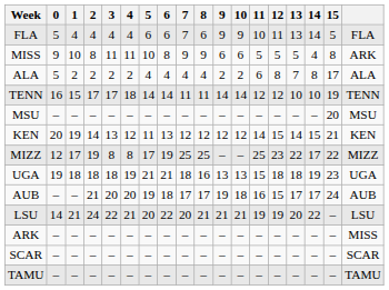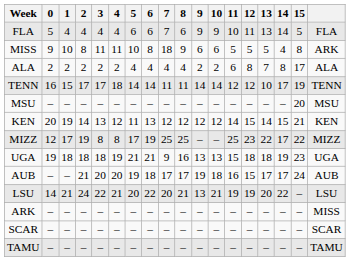 <table class="wikitable sortable" style="text-align:center">
 <tr>
 <th>Week</th>
 <th>0</th>
 <th>1</th>
 <th>2</th>
 <th>3</th>
 <th>4</th>
 <th>5</th>
 <th>6</th>
 <th>7</th>
 <th>8</th>
 <th>9</th>
 <th>10</th>
 <th>11</th>
 <th>12</th>
 <th>13</th>
 <th>14</th>
 <th>15</th>
 <th class=unsortable></th>
 </tr>
 <tr style="background-color:#E8E8E8">
 <td>FLA</td>
 <td>5</td>
 <td>4</td>
 <td>4</td>
 <td>4</td>
 <td>4</td>
 <td>6</td>
 <td>6</td>
 <td>7</td>
 <td>6</td>
 <td>9</td>
 <td>9</td>
 <td>10</td>
 <td>11</td>
 <td>13</td>
 <td>14</td>
 <td>5</td>
 <td>FLA</td>
 </tr>
 <tr>
 <td data-sort-value=O>MISS</td>
 <td>9</td>
 <td>10</td>
 <td>8</td>
 <td>11</td>
 <td>11</td>
 <td>10</td>
 <td>8</td>
-<td>9</td>
+<td>18</td>
 <td>9</td>
 <td>6</td>
 <td>6</td>
 <td>5</td>
 <td>5</td>
 <td>5</td>
 <td>4</td>
 <td>8</td>
 <td>ARK</td>
 </tr>
 <tr>
 <td>ALA</td>
-<td>5</td>
+<td>2</td>
 <td>2</td>
 <td>2</td>
 <td>2</td>
 <td>2</td>
 <td>4</td>
 <td>4</td>
 <td>4</td>
 <td>4</td>
 <td>2</td>
 <td>2</td>
 <td>6</td>
 <td>8</td>
 <td>7</td>
 <td>8</td>
 <td>17</td>
 <td>ALA</td>
 </tr>
 <tr style="background-color:#E8E8E8">
 <td>TENN</td>
 <td>16</td>
 <td>15</td>
 <td>17</td>
 <td>17</td>
 <td>18</td>
 <td>14</td>
 <td>14</td>
 <td>11</td>
 <td>11</td>
 <td>14</td>
 <td>14</td>
 <td>12</td>
 <td>12</td>
 <td>10</td>
-<td>10</td>
+<td>17</td>
 <td>19</td>
 <td>TENN</td>
 </tr>
 <tr>
 <td>MSU</td>
 <td data-sort-value=26>–</td>
 <td data-sort-value=26>–</td>
 <td data-sort-value=26>–</td>
 <td data-sort-value=26>–</td>
 <td data-sort-value=26>–</td>
 <td data-sort-value=26>–</td>
 <td data-sort-value=26>–</td>
 <td data-sort-value=26>–</td>
 <td data-sort-value=26>–</td>
 <td data-sort-value=26>–</td>
 <td data-sort-value=26>–</td>
 <td data-sort-value=26>–</td>
 <td data-sort-value=26>–</td>
 <td data-sort-value=26>–</td>
 <td data-sort-value=26>–</td>
 <td>20</td>
 <td>MSU</td>
 </tr>
 <tr>
 <td>KEN</td>
 <td>20</td>
 <td>19</td>
 <td>14</td>
 <td>13</td>
 <td>12</td>
 <td>11</td>
 <td>13</td>
 <td>12</td>
 <td>12</td>
 <td>12</td>
 <td>12</td>
 <td>14</td>
 <td>15</td>
 <td>14</td>
 <td>15</td>
 <td>21</td>
 <td>KEN</td>
 </tr>
 <tr style="background-color:#E8E8E8">
 <td data-sort-value=MO>MIZZ</td>
 <td>12</td>
 <td>17</td>
 <td>19</td>
 <td>8</td>
 <td>8</td>
 <td>17</td>
 <td>19</td>
 <td>25</td>
 <td>25</td>
 <td data-sort-value=27>–</td>
 <td data-sort-value=27>–</td>
 <td>25</td>
 <td>23</td>
 <td>22</td>
 <td>17</td>
 <td>22</td>
 <td>MIZZ</td>
 </tr>
 <tr>
 <td data-sort-value=G>UGA</td>
 <td>19</td>
 <td>18</td>
 <td>18</td>
 <td>18</td>
 <td>19</td>
 <td>21</td>
 <td>21</td>
-<td>18</td>
+<td>9</td>
 <td>16</td>
 <td>13</td>
 <td>13</td>
 <td>15</td>
 <td>18</td>
 <td>18</td>
 <td>19</td>
 <td>23</td>
 <td>UGA</td>
 </tr>
 <tr>
 <td>AUB</td>
 <td data-sort-value=28>–</td>
 <td data-sort-value=28>–</td>
 <td>21</td>
 <td>20</td>
 <td>20</td>
 <td>19</td>
 <td>18</td>
 <td>17</td>
 <td>17</td>
 <td>19</td>
 <td>18</td>
 <td>16</td>
 <td>15</td>
 <td>17</td>
 <td>17</td>
 <td>24</td>
 <td>AUB</td>
 </tr>
 <tr style="background-color:#E8E8E8">
 <td>LSU</td>
 <td>14</td>
 <td>21</td>
 <td>24</td>
 <td>22</td>
 <td>21</td>
 <td>20</td>
 <td>22</td>
 <td>20</td>
 <td>21</td>
-<td>21</td>
+<td>13</td>
 <td>21</td>
 <td>19</td>
 <td>19</td>
 <td>20</td>
 <td>22</td>
 <td data-sort-value=29>–</td>
 <td>LSU</td>
 </tr>
 <tr>
 <td>ARK</td>
 <td data-sort-value=30>–</td>
 <td data-sort-value=30>–</td>
 <td data-sort-value=30>–</td>
 <td data-sort-value=30>–</td>
 <td data-sort-value=30>–</td>
 <td data-sort-value=30>–</td>
 <td data-sort-value=30>–</td>
 <td data-sort-value=30>–</td>
 <td data-sort-value=30>–</td>
 <td data-sort-value=30>–</td>
 <td data-sort-value=30>–</td>
 <td data-sort-value=30>–</td>
 <td data-sort-value=30>–</td>
 <td data-sort-value=30>–</td>
 <td data-sort-value=30>–</td>
 <td data-sort-value=30>–</td>
 <td>MISS</td>
 </tr>
 <tr>
 <td>SCAR</td>
 <td data-sort-value=30>–</td>
 <td data-sort-value=30>–</td>
 <td data-sort-value=30>–</td>
 <td data-sort-value=30>–</td>
 <td data-sort-value=30>–</td>
 <td data-sort-value=30>–</td>
 <td data-sort-value=30>–</td>
 <td data-sort-value=30>–</td>
 <td data-sort-value=30>–</td>
 <td data-sort-value=30>–</td>
 <td data-sort-value=30>–</td>
 <td data-sort-value=30>–</td>
 <td data-sort-value=30>–</td>
 <td data-sort-value=30>–</td>
 <td data-sort-value=30>–</td>
 <td data-sort-value=30>–</td>
 <td>SCAR</td>
 </tr>
 <tr style="background-color:#E8E8E8">
 <td data-sort-value=TEX>TAMU</td>
 <td data-sort-value=30>–</td>
 <td data-sort-value=30>–</td>
 <td data-sort-value=30>–</td>
 <td data-sort-value=30>–</td>
 <td data-sort-value=30>–</td>
 <td data-sort-value=30>–</td>
 <td data-sort-value=30>–</td>
 <td data-sort-value=30>–</td>
 <td data-sort-value=30>–</td>
 <td data-sort-value=30>–</td>
 <td data-sort-value=30>–</td>
 <td data-sort-value=30>–</td>
 <td data-sort-value=30>–</td>
 <td data-sort-value=30>–</td>
 <td data-sort-value=30>–</td>
 <td data-sort-value=30>–</td>
 <td>TAMU</td>
 </tr>
 </table>
